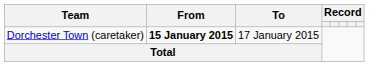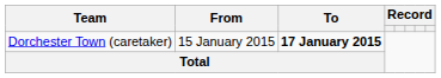 <table class="wikitable" style="text-align: center">
 <tr>
 <th rowspan="2">Team</th>
 <th rowspan="2">From</th>
 <th rowspan="2">To</th>
 <th colspan="6">Record</th>
 </tr>
 <tr>
 <th></th>
 <th></th>
 <th></th>
 <th></th>
 <th></th>
 </tr>
 <tr>
 <td><a href='#'>Dorchester Town</a> (caretaker)</td>
-<td><strong>15 January 2015</strong></td>
-<td>17 January 2015<br></td>
+<td>15 January 2015</td>
+<td><strong>17 January 2015<br></strong></td>
 </tr>
 <tr>
 <th colspan="3">Total<br></th>
 </tr>
 </table>
